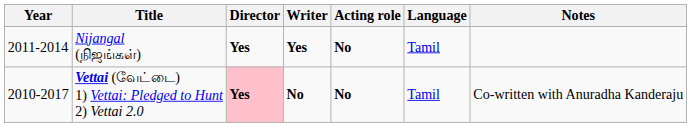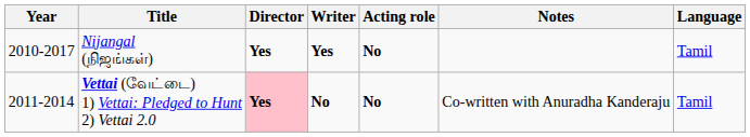 <table class="wikitable sortable plainrowheaders" style="breadth:200%;">
 <tr>
 <th scope="col">Year</th>
 <th scope="col">Title</th>
 <th scope="col">Director</th>
 <th scope="col">Writer</th>
 <th scope="col">Acting role</th>
+<th scope="col" class="unsortable">Notes</th>
 <th scope="col">Language</th>
-<th scope="col" class="unsortable">Notes</th>
 </tr>
 <tr>
-<td>2011-2014</td>
+<td>2010-2017</td>
 <td><em><a href='#'>Nijangal</a></em><br>(நிஜங்கள்)</td>
 <td><strong>Yes</strong></td>
 <td><strong>Yes</strong></td>
 <td><strong>No</strong></td>
+<td></td>
 <td><a href='#'>Tamil</a></td>
-<td></td>
 </tr>
 <tr>
-<td>2010-2017</td>
+<td>2011-2014</td>
 <td><strong><em><a href='#'>Vettai</a></em></strong> (வேட்டை)<br>1) <em><a href='#'>Vettai: Pledged to Hunt</a></em><br>2) <em>Vettai 2.0</em></td>
 <td style="background: pink;"><strong>Yes</strong></td>
 <td><strong>No</strong></td>
 <td><strong>No</strong></td>
+<td>Co-written with Anuradha Kanderaju</td>
 <td><a href='#'>Tamil</a></td>
-<td>Co-written with Anuradha Kanderaju</td>
 </tr>
 </table>
